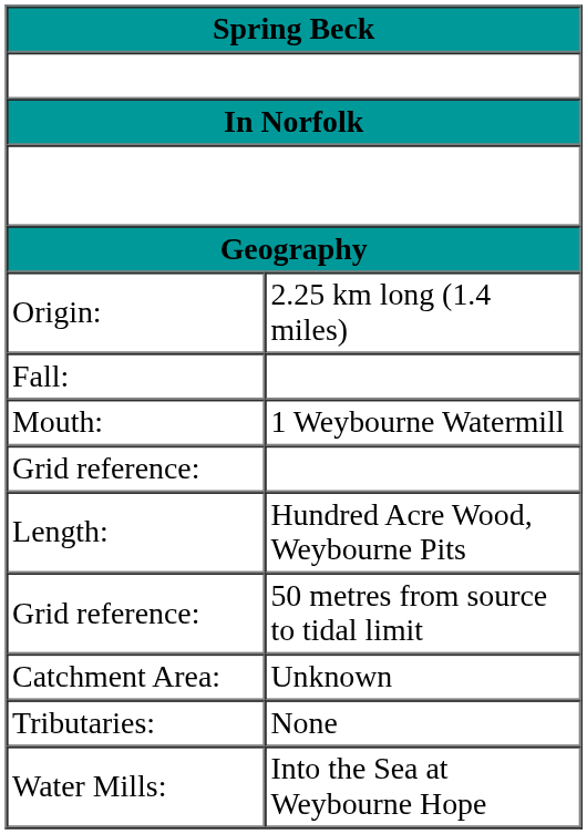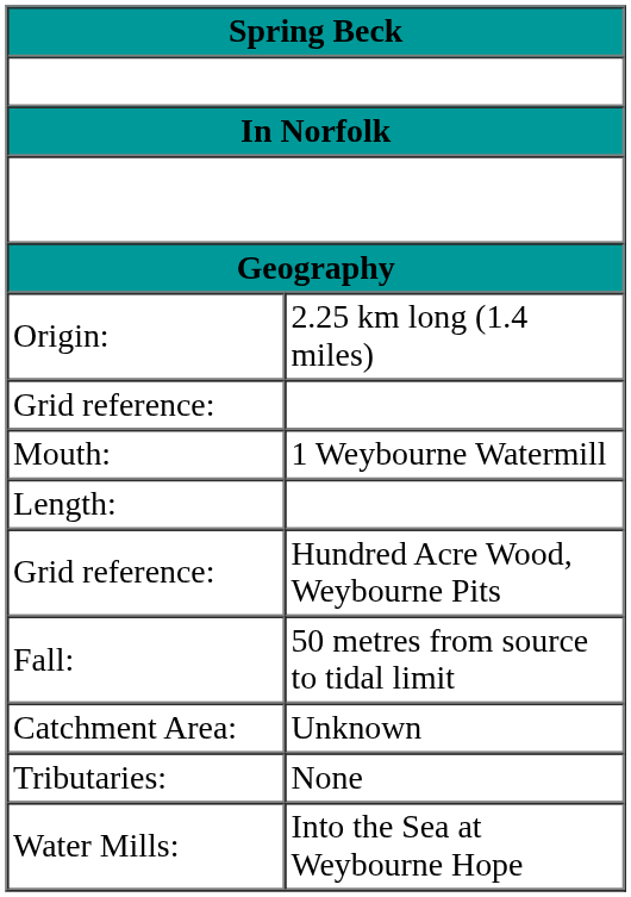 <table border=1 cellpadding="2" cellspacing="0" align="right" width=300 style=margin-left:10px>
 <tr>
 <th colspan=2 align=center bgcolor="#ll9999">Spring Beck</th>
 </tr>
 <tr>
 <td colspan=2 align=center><br></td>
 </tr>
 <tr>
 <th colspan=2 align=center bgcolor="#ll9999">In Norfolk</th>
 </tr>
 <tr>
 <td colspan=2 align=center><br><br></td>
 </tr>
 <tr>
 <th colspan=2 bgcolor="#ll9999">Geography</th>
 </tr>
 <tr>
 <td width="45%">Origin:</td>
 <td>2.25 km long (1.4 miles)</td>
 </tr>
 <tr>
-<td>Fall:</td>
+<td>Grid reference:</td>
 <td></td>
 </tr>
 <tr>
 <td>Mouth:</td>
 <td>1  Weybourne Watermill</td>
 </tr>
 <tr>
-<td>Grid reference:</td>
+<td>Length:</td>
 <td></td>
 </tr>
 <tr>
-<td>Length:</td>
+<td>Grid reference:</td>
 <td>Hundred Acre Wood, Weybourne Pits</td>
 </tr>
 <tr>
-<td>Grid reference:</td>
+<td>Fall:</td>
 <td>50 metres from source to tidal limit</td>
 </tr>
 <tr>
 <td>Catchment Area:</td>
 <td>Unknown</td>
 </tr>
 <tr>
 <td>Tributaries:</td>
 <td>None</td>
 </tr>
 <tr>
 <td>Water Mills:</td>
 <td>Into the Sea at Weybourne Hope</td>
 </tr>
 <tr>
 </tr>
 </table>
